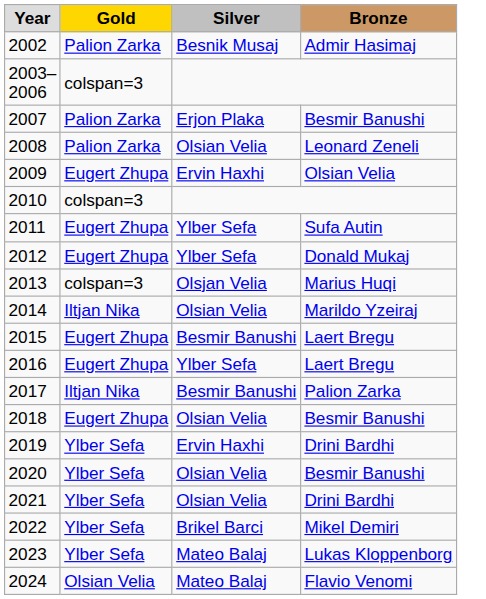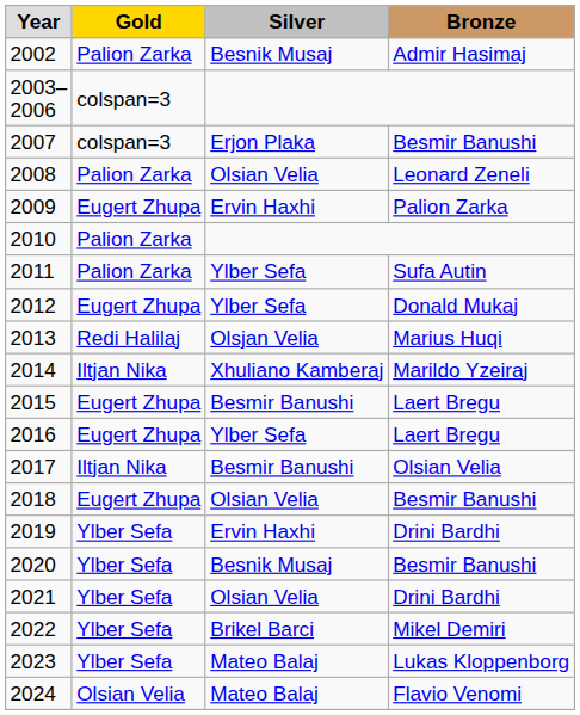 <table class="wikitable sortable" style="font-size:95%">
 <tr style="text-align:center; background:#e4e4e4; font-weight:bold;">
 <td style="background:#ddd; ">Year</td>
 <td style="background:gold; ">Gold</td>
 <td style="background:silver; ">Silver</td>
 <td style="background:#c96; ">Bronze</td>
 </tr>
 <tr>
 <td>2002</td>
 <td><a href='#'>Palion Zarka</a></td>
 <td><a href='#'>Besnik Musaj</a></td>
 <td><a href='#'>Admir Hasimaj</a></td>
 </tr>
 <tr>
 <td>2003–<br>2006</td>
 <td>colspan=3 </td>
 </tr>
 <tr>
 <td>2007</td>
-<td><a href='#'>Palion Zarka</a></td>
+<td>colspan=3 </td>
 <td><a href='#'>Erjon Plaka</a></td>
 <td><a href='#'>Besmir Banushi</a></td>
 </tr>
 <tr>
 <td>2008</td>
 <td><a href='#'>Palion Zarka</a></td>
 <td><a href='#'>Olsian Velia</a></td>
 <td><a href='#'>Leonard Zeneli</a></td>
 </tr>
 <tr>
 <td>2009</td>
 <td><a href='#'>Eugert Zhupa</a></td>
 <td><a href='#'>Ervin Haxhi</a></td>
-<td><a href='#'>Olsian Velia</a></td>
+<td><a href='#'>Palion Zarka</a></td>
 </tr>
 <tr>
 <td>2010</td>
-<td>colspan=3 </td>
+<td><a href='#'>Palion Zarka</a></td>
 </tr>
 <tr>
 <td>2011</td>
-<td><a href='#'>Eugert Zhupa</a></td>
+<td><a href='#'>Palion Zarka</a></td>
 <td><a href='#'>Ylber Sefa</a></td>
 <td><a href='#'>Sufa Autin</a></td>
 </tr>
 <tr>
 <td>2012</td>
 <td><a href='#'>Eugert Zhupa</a></td>
 <td><a href='#'>Ylber Sefa</a></td>
 <td><a href='#'>Donald Mukaj</a></td>
 </tr>
 <tr>
 <td>2013</td>
-<td>colspan=3 </td>
+<td><a href='#'>Redi Halilaj</a></td>
 <td><a href='#'>Olsjan Velia</a></td>
 <td><a href='#'>Marius Huqi</a></td>
 </tr>
 <tr>
 <td>2014</td>
 <td><a href='#'>Iltjan Nika</a></td>
-<td><a href='#'>Olsian Velia</a></td>
+<td><a href='#'>Xhuliano Kamberaj</a></td>
 <td><a href='#'>Marildo Yzeiraj</a></td>
 </tr>
 <tr>
 <td>2015</td>
 <td><a href='#'>Eugert Zhupa</a></td>
 <td><a href='#'>Besmir Banushi</a></td>
 <td><a href='#'>Laert Bregu</a></td>
 </tr>
 <tr>
 <td>2016</td>
 <td><a href='#'>Eugert Zhupa</a></td>
 <td><a href='#'>Ylber Sefa</a></td>
 <td><a href='#'>Laert Bregu</a></td>
 </tr>
 <tr>
 <td>2017</td>
 <td><a href='#'>Iltjan Nika</a></td>
 <td><a href='#'>Besmir Banushi</a></td>
-<td><a href='#'>Palion Zarka</a></td>
+<td><a href='#'>Olsian Velia</a></td>
 </tr>
 <tr>
 <td>2018</td>
 <td><a href='#'>Eugert Zhupa</a></td>
 <td><a href='#'>Olsian Velia</a></td>
 <td><a href='#'>Besmir Banushi</a></td>
 </tr>
 <tr>
 <td>2019</td>
 <td><a href='#'>Ylber Sefa</a></td>
 <td><a href='#'>Ervin Haxhi</a></td>
 <td><a href='#'>Drini Bardhi</a></td>
 </tr>
 <tr>
 <td>2020</td>
 <td><a href='#'>Ylber Sefa</a></td>
-<td><a href='#'>Olsian Velia</a></td>
+<td><a href='#'>Besnik Musaj</a></td>
 <td><a href='#'>Besmir Banushi</a></td>
 </tr>
 <tr>
 <td>2021</td>
 <td><a href='#'>Ylber Sefa</a></td>
 <td><a href='#'>Olsian Velia</a></td>
 <td><a href='#'>Drini Bardhi</a></td>
 </tr>
 <tr>
 <td>2022</td>
 <td><a href='#'>Ylber Sefa</a></td>
 <td><a href='#'>Brikel Barci</a></td>
 <td><a href='#'>Mikel Demiri</a></td>
 </tr>
 <tr>
 <td>2023</td>
 <td><a href='#'>Ylber Sefa</a></td>
 <td><a href='#'>Mateo Balaj</a></td>
 <td><a href='#'>Lukas Kloppenborg</a></td>
 </tr>
 <tr>
 <td>2024</td>
 <td><a href='#'>Olsian Velia</a></td>
 <td><a href='#'>Mateo Balaj</a></td>
 <td><a href='#'>Flavio Venomi</a></td>
 </tr>
 </table>
